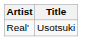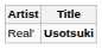 <table class="wikitable">
 <tr>
 <th>Artist</th>
 <th>Title</th>
 </tr>
 <tr>
 <td>Real'</td>
-<td>Usotsuki</td>
+<td><strong>Usotsuki</strong></td>
 </tr>
 </table>
